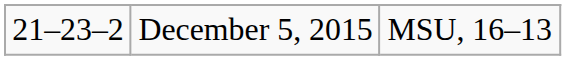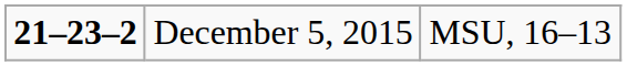 <table class="wikitable">
 <tr align="center">
 </tr>
 <tr align="center">
-<td>21–23–2</td>
+<td><strong>21–23–2</strong></td>
 <td>December 5, 2015</td>
 <td>MSU, 16–13</td>
 </tr>
 </table>
